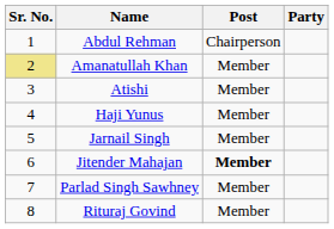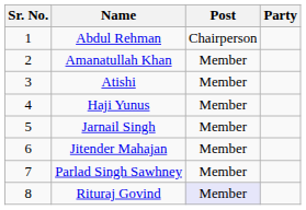 <table class="wikitable sortable">
 <tr>
 <th>Sr. No.</th>
 <th>Name</th>
 <th>Post</th>
 <th colspan="2">Party</th>
 </tr>
 <tr align="center">
 <td>1</td>
 <td><a href='#'>Abdul Rehman</a></td>
 <td>Chairperson</td>
 <td></td>
 </tr>
 <tr align="center">
-<td style="background: khaki;">2</td>
+<td>2</td>
 <td><a href='#'>Amanatullah Khan</a></td>
 <td>Member</td>
 <td></td>
 </tr>
 <tr align="center">
 <td>3</td>
 <td><a href='#'>Atishi</a></td>
 <td>Member</td>
 <td></td>
 </tr>
 <tr align="center">
 <td>4</td>
 <td><a href='#'>Haji Yunus</a></td>
 <td>Member</td>
 <td></td>
 </tr>
 <tr align="center">
 <td>5</td>
 <td><a href='#'>Jarnail Singh</a></td>
 <td>Member</td>
 <td></td>
 </tr>
 <tr align="center">
 <td>6</td>
 <td><a href='#'>Jitender Mahajan</a></td>
-<td><strong>Member</strong></td>
+<td>Member</td>
 <td></td>
 </tr>
 <tr align="center">
 <td>7</td>
 <td><a href='#'>Parlad Singh Sawhney</a></td>
 <td>Member</td>
 <td></td>
 </tr>
 <tr align="center">
 <td>8</td>
 <td><a href='#'>Rituraj Govind</a></td>
-<td>Member</td>
+<td style="background: lavender;">Member</td>
 <td></td>
 </tr>
 </table>
